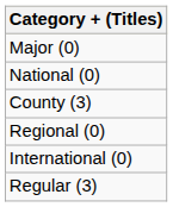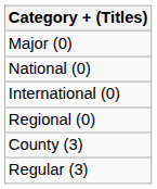 <table class="wikitable" style="display:inline-table;">
 <tr style="background:#ffc;">
 <th>Category + (Titles)</th>
 </tr>
 <tr>
 <td>Major (0)</td>
 </tr>
 <tr>
 <td>National (0)</td>
 </tr>
 <tr>
-<td>County (3)</td>
+<td>International (0)</td>
 </tr>
 <tr>
 <td>Regional (0)</td>
 </tr>
 <tr>
-<td>International (0)</td>
+<td>County (3)</td>
 </tr>
 <tr>
 <td>Regular (3)</td>
 </tr>
 </table>
